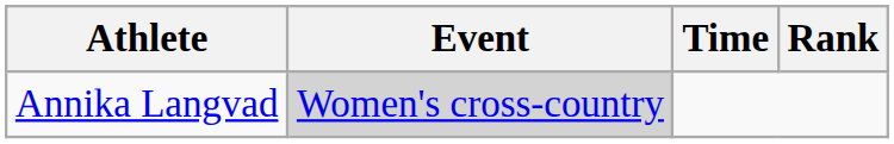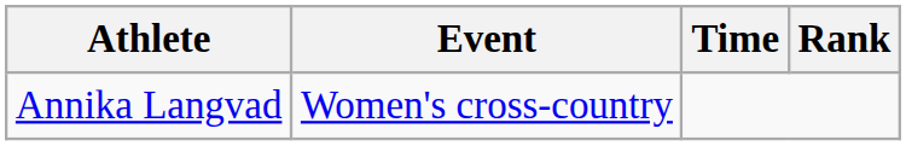 <table class="wikitable" style="font-size:90%">
 <tr>
 <th>Athlete</th>
 <th>Event</th>
 <th>Time</th>
 <th>Rank</th>
 </tr>
 <tr align=center>
 <td align=left><a href='#'>Annika Langvad</a></td>
-<td align=left style="background: lightgrey;"><a href='#'>Women's cross-country</a></td>
+<td align=left><a href='#'>Women's cross-country</a></td>
 <td colspan="2"></td>
 </tr>
 </table>
